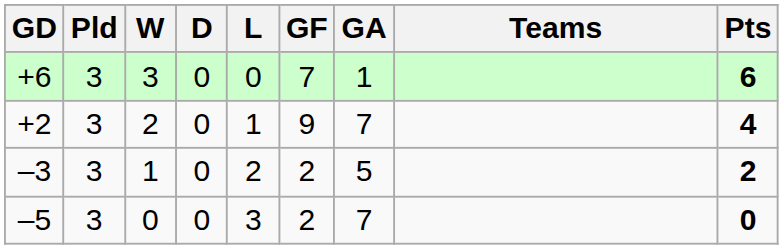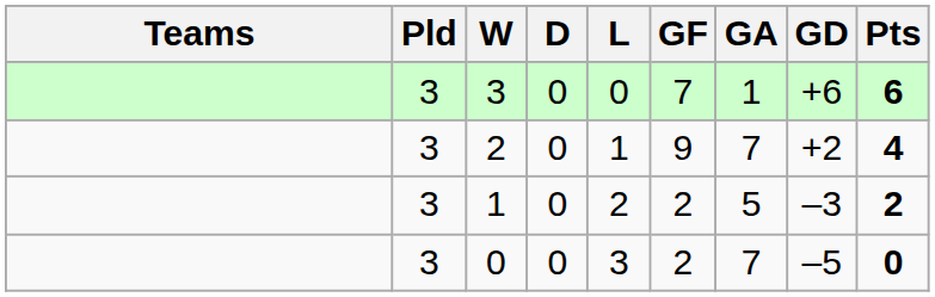 <table class="wikitable" style="text-align: center;">
 <tr>
-<th width=20>GD</th>
+<th width=165>Teams</th>
 <th width=20>Pld</th>
 <th width=20>W</th>
 <th width=20>D</th>
 <th width=20>L</th>
 <th width=20>GF</th>
 <th width=20>GA</th>
-<th width=165>Teams</th>
+<th width=20>GD</th>
 <th width=20>Pts</th>
 </tr>
 <tr align=center style="background:#ccffcc;">
-<td>+6</td>
+<td style="text-align:left;"></td>
 <td>3</td>
 <td>3</td>
 <td>0</td>
 <td>0</td>
 <td>7</td>
 <td>1</td>
-<td style="text-align:left;"></td>
+<td>+6</td>
 <td><strong>6</strong></td>
 </tr>
 <tr align=center>
-<td>+2</td>
+<td style="text-align:left;"></td>
 <td>3</td>
 <td>2</td>
 <td>0</td>
 <td>1</td>
 <td>9</td>
 <td>7</td>
-<td style="text-align:left;"></td>
+<td>+2</td>
 <td><strong>4</strong></td>
 </tr>
 <tr align=center>
-<td>–3</td>
+<td style="text-align:left;"></td>
 <td>3</td>
 <td>1</td>
 <td>0</td>
 <td>2</td>
 <td>2</td>
 <td>5</td>
-<td style="text-align:left;"></td>
+<td>–3</td>
 <td><strong>2</strong></td>
 </tr>
 <tr align=center>
-<td>–5</td>
+<td style="text-align:left;"></td>
 <td>3</td>
 <td>0</td>
 <td>0</td>
 <td>3</td>
 <td>2</td>
 <td>7</td>
-<td style="text-align:left;"></td>
+<td>–5</td>
 <td><strong>0</strong></td>
 </tr>
 </table>
